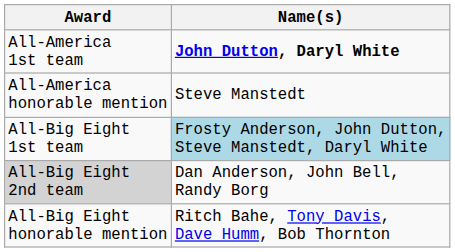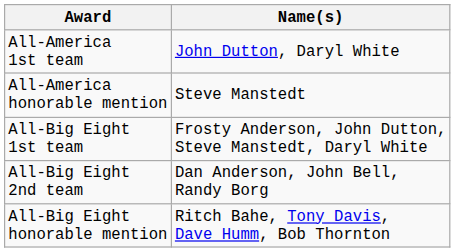 <table class="wikitable">
 <tr>
 <th>Award</th>
 <th>Name(s)</th>
 </tr>
 <tr>
 <td>All-America<br>1st team</td>
-<td><strong><a href='#'>John Dutton</a>, Daryl White</strong></td>
+<td><a href='#'>John Dutton</a>, Daryl White</td>
 </tr>
 <tr>
 <td>All-America<br>honorable mention</td>
 <td>Steve Manstedt</td>
 </tr>
 <tr>
 <td>All-Big Eight<br>1st team</td>
-<td style="background: lightblue;">Frosty Anderson, John Dutton,<br>Steve Manstedt, Daryl White</td>
+<td>Frosty Anderson, John Dutton,<br>Steve Manstedt, Daryl White</td>
 </tr>
 <tr>
-<td style="background: lightgrey;">All-Big Eight<br>2nd team</td>
+<td>All-Big Eight<br>2nd team</td>
 <td>Dan Anderson, John Bell,<br>Randy Borg</td>
 </tr>
 <tr>
 <td>All-Big Eight<br>honorable mention</td>
 <td>Ritch Bahe, <a href='#'>Tony Davis</a>,<br><a href='#'>Dave Humm</a>, Bob Thornton</td>
 </tr>
 </table>
